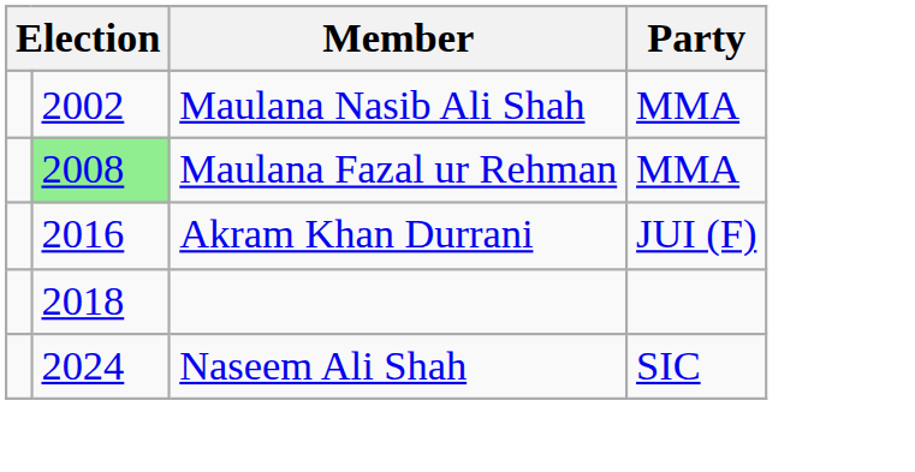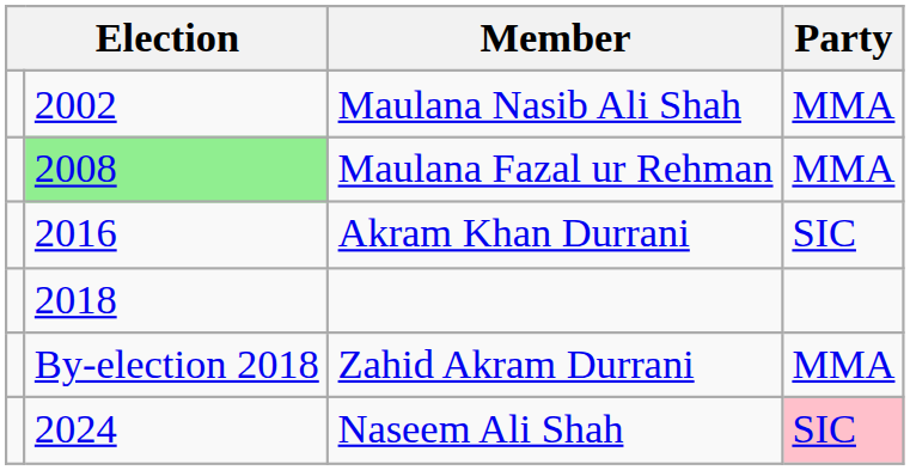 <table class="wikitable">
 <tr>
 <th colspan="2">Election</th>
 <th>Member</th>
 <th>Party</th>
 </tr>
 <tr>
 <td style="background-color: "></td>
 <td><a href='#'>2002</a></td>
 <td><a href='#'>Maulana Nasib Ali Shah</a></td>
 <td><a href='#'>MMA</a></td>
 </tr>
 <tr>
 <td style="background-color: "></td>
 <td style="background: lightgreen;"><a href='#'>2008</a></td>
 <td><a href='#'>Maulana Fazal ur Rehman</a></td>
 <td><a href='#'>MMA</a></td>
 </tr>
 <tr>
 <td style="background-color: "></td>
 <td><a href='#'>2016</a></td>
 <td><a href='#'>Akram Khan Durrani</a></td>
-<td><a href='#'>JUI (F)</a></td>
+<td><a href='#'>SIC</a></td>
 </tr>
 <tr>
 <td></td>
 <td><a href='#'>2018</a></td>
 <td></td>
 <td></td>
 </tr>
 <tr>
 <td style="background-color: "></td>
+<td><a href='#'>By-election 2018</a></td>
+<td><a href='#'>Zahid Akram Durrani</a></td>
+<td><a href='#'>MMA</a></td>
+</tr>
+<tr>
+<td style="background-color: "></td>
 <td><a href='#'>2024</a></td>
 <td><a href='#'>Naseem Ali Shah</a></td>
-<td><a href='#'>SIC</a></td>
+<td style="background: pink;"><a href='#'>SIC</a></td>
 </tr>
 </table>
